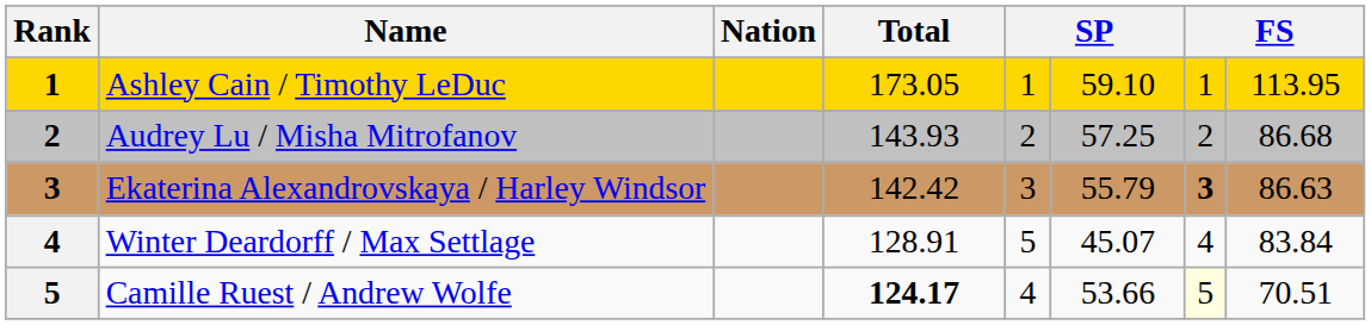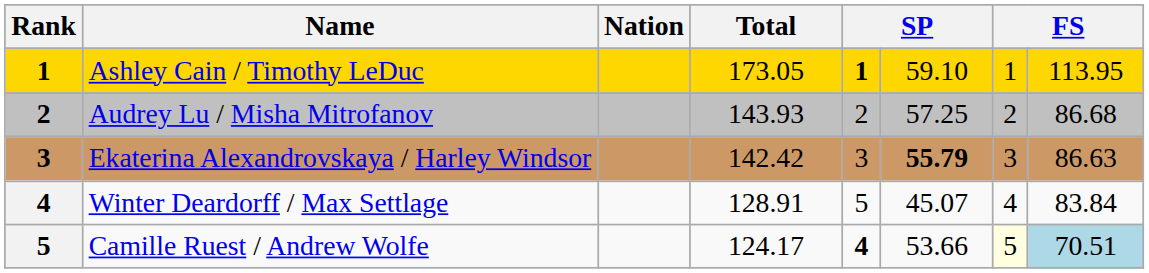 <table class="wikitable sortable">
 <tr>
 <th>Rank</th>
 <th>Name</th>
 <th>Nation</th>
 <th width="80px">Total</th>
 <th colspan="2" width="80px"><a href='#'>SP</a></th>
 <th colspan="2" width="80px"><a href='#'>FS</a></th>
 </tr>
 <tr bgcolor="gold">
 <td align="center"><strong>1</strong></td>
 <td><a href='#'>Ashley Cain</a> / <a href='#'>Timothy LeDuc</a></td>
 <td></td>
 <td align="center">173.05</td>
-<td align="center">1</td>
+<td align="center"><strong>1</strong></td>
 <td align="center">59.10</td>
 <td align="center">1</td>
 <td align="center">113.95</td>
 </tr>
 <tr bgcolor="silver">
 <td align="center"><strong>2</strong></td>
 <td><a href='#'>Audrey Lu</a> / <a href='#'>Misha Mitrofanov</a></td>
 <td></td>
 <td align="center">143.93</td>
 <td align="center">2</td>
 <td align="center">57.25</td>
 <td align="center">2</td>
 <td align="center">86.68</td>
 </tr>
 <tr bgcolor="cc9966">
 <td align="center"><strong>3</strong></td>
 <td><a href='#'>Ekaterina Alexandrovskaya</a> / <a href='#'>Harley Windsor</a></td>
 <td></td>
 <td align="center">142.42</td>
 <td align="center">3</td>
-<td align="center">55.79</td>
-<td align="center"><strong>3</strong></td>
+<td align="center"><strong>55.79</strong></td>
+<td align="center">3</td>
 <td align="center">86.63</td>
 </tr>
 <tr>
 <th>4</th>
 <td><a href='#'>Winter Deardorff</a> / <a href='#'>Max Settlage</a></td>
 <td></td>
 <td align="center">128.91</td>
 <td align="center">5</td>
 <td align="center">45.07</td>
 <td align="center">4</td>
 <td align="center">83.84</td>
 </tr>
 <tr>
 <th>5</th>
 <td><a href='#'>Camille Ruest</a> / <a href='#'>Andrew Wolfe</a></td>
 <td></td>
-<td align="center"><strong>124.17</strong></td>
-<td align="center">4</td>
+<td align="center">124.17</td>
+<td align="center"><strong>4</strong></td>
 <td align="center">53.66</td>
 <td align="center" style="background: lightyellow;">5</td>
-<td align="center">70.51</td>
+<td align="center" style="background: lightblue;">70.51</td>
 </tr>
 </table>
